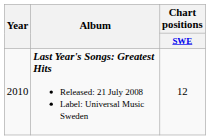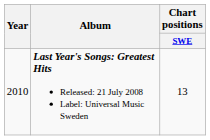 <table class="wikitable" style="text-align:center;">
 <tr>
 <th rowspan="2">Year</th>
 <th rowspan="2" style="width:185px;">Album</th>
 <th colspan="1">Chart positions</th>
 </tr>
 <tr style="font-size:smaller;">
 <th width="25"><a href='#'>SWE</a> <br></th>
 </tr>
 <tr>
 <td>2010</td>
 <td align=left><strong><em>Last Year's Songs: Greatest Hits</em></strong><br><ul><li><small>Released: 21 July 2008</small></li><li><small>Label: Universal Music Sweden</small></li></ul></td>
-<td>12</td>
+<td>13</td>
 </tr>
 </table>
